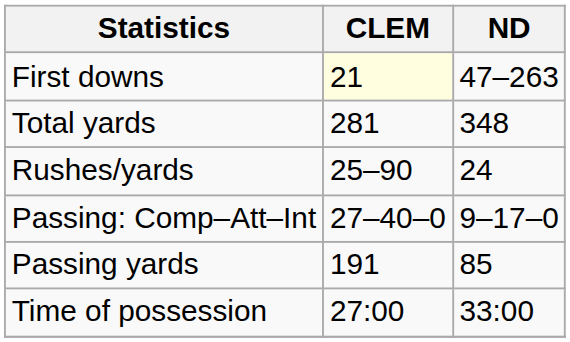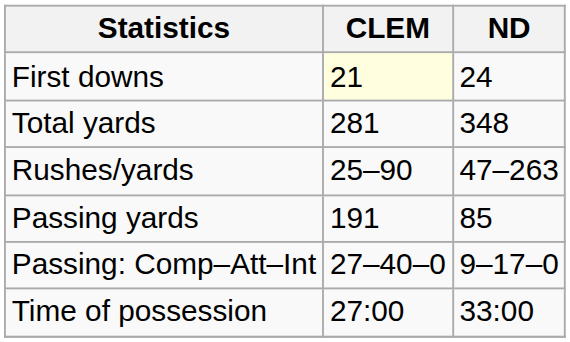 <table class="wikitable" style="float: left;">
 <tr>
 <th>Statistics</th>
 <th>CLEM</th>
 <th>ND</th>
 </tr>
 <tr>
 <td>First downs</td>
 <td style="background: lightyellow;">21</td>
-<td>47–263</td>
+<td>24</td>
 </tr>
 <tr>
 <td>Total yards</td>
 <td>281</td>
 <td>348</td>
 </tr>
 <tr>
 <td>Rushes/yards</td>
 <td>25–90</td>
-<td>24</td>
+<td>47–263</td>
+</tr>
+<tr>
+<td>Passing yards</td>
+<td>191</td>
+<td>85</td>
 </tr>
 <tr>
 <td>Passing: Comp–Att–Int</td>
 <td>27–40–0</td>
 <td>9–17–0</td>
-</tr>
-<tr>
-<td>Passing yards</td>
-<td>191</td>
-<td>85</td>
 </tr>
 <tr>
 <td>Time of possession</td>
 <td>27:00</td>
 <td>33:00</td>
 </tr>
 <tr>
 </tr>
 </table>
